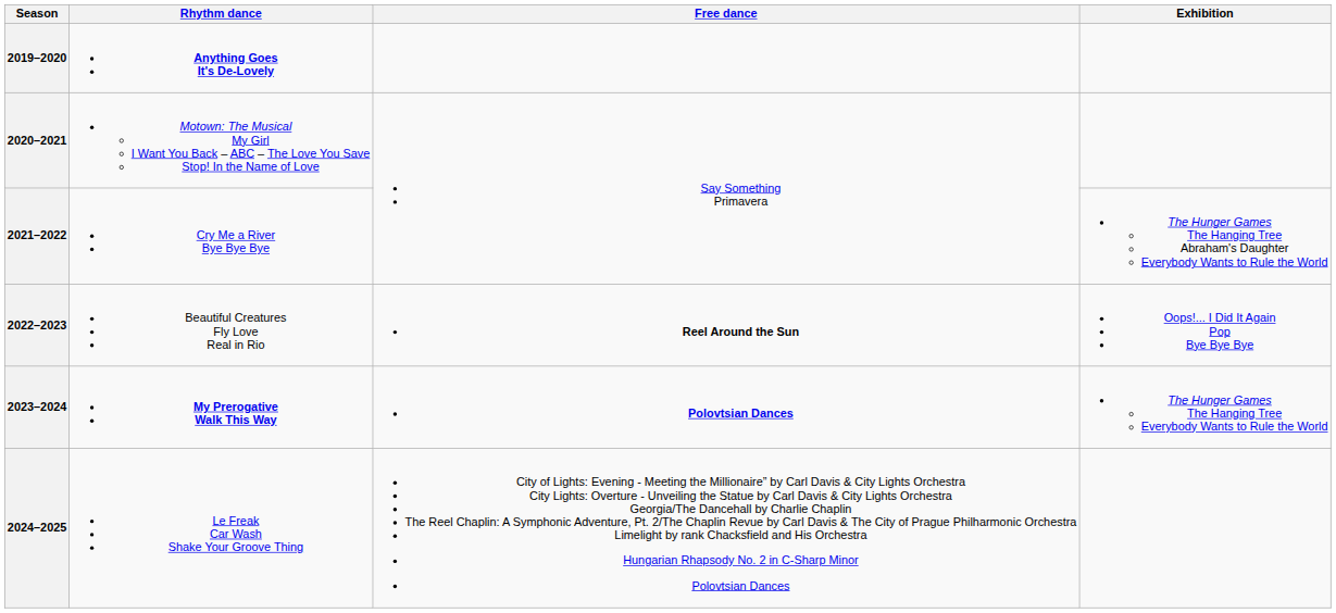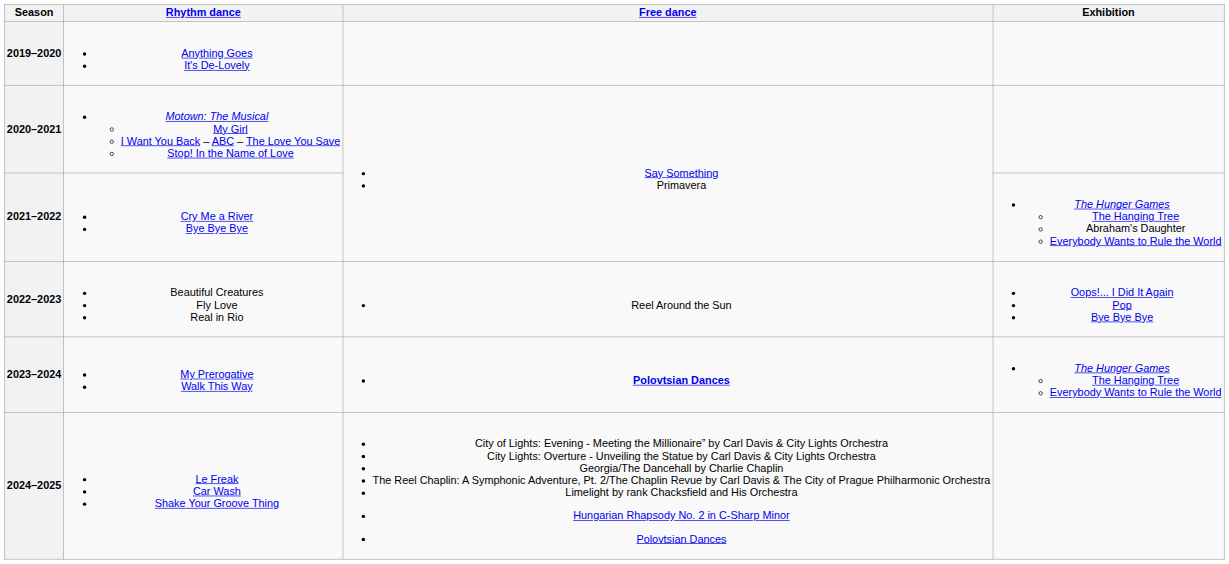 <table class=wikitable style=text-align:center>
 <tr>
 <th>Season</th>
 <th><a href='#'>Rhythm dance</a></th>
 <th><a href='#'>Free dance</a></th>
 <th>Exhibition</th>
 </tr>
 <tr>
 <th>2019–2020 <br></th>
-<td><strong><br><ul><li><a href='#'>Anything Goes</a> <br> </li><li><a href='#'>It's De-Lovely</a> <br> </li></ul></strong></td>
+<td><br><ul><li><a href='#'>Anything Goes</a> <br> </li><li><a href='#'>It's De-Lovely</a> <br> </li></ul></td>
 <td></td>
 </tr>
 <tr>
 <th>2020–2021 <br></th>
 <td><br><ul><li><em><a href='#'>Motown: The Musical</a></em><ul><li><a href='#'>My Girl</a></li><li><a href='#'>I Want You Back</a> – <a href='#'>ABC</a> – <a href='#'>The Love You Save</a></li><li><a href='#'>Stop! In the Name of Love</a> <br> </li></ul></li></ul></td>
 <td rowspan="2"><br><ul><li><a href='#'>Say Something</a> <br> </li><li>Primavera <br> </li></ul></td>
 <td></td>
 </tr>
 <tr>
 <th>2021–2022 <br></th>
 <td><br><ul><li><a href='#'>Cry Me a River</a> <br> </li><li><a href='#'>Bye Bye Bye</a> <br> </li></ul></td>
 <td><br><ul><li><em><a href='#'>The Hunger Games</a></em><ul><li><a href='#'>The Hanging Tree</a> <br> </li><li>Abraham's Daughter <br> </li><li><a href='#'>Everybody Wants to Rule the World</a> <br> </li></ul></li></ul></td>
 </tr>
 <tr>
 <th>2022–2023 <br></th>
 <td><br><ul><li> Beautiful Creatures <br> </li><li> Fly Love <br> </li><li> Real in Rio <br> </li></ul></td>
-<td><strong><br><ul><li>Reel Around the Sun <br> </li></ul></strong></td>
+<td><br><ul><li>Reel Around the Sun <br> </li></ul></td>
 <td><br><ul><li><a href='#'>Oops!... I Did It Again</a> <br> </li><li><a href='#'>Pop</a></li><li><a href='#'>Bye Bye Bye</a> <br> </li></ul></td>
 </tr>
 <tr>
 <th>2023–2024 <br> </th>
-<td><strong><br><ul><li><a href='#'>My Prerogative</a> <br> </li><li><a href='#'>Walk This Way</a> <br> </li></ul></strong></td>
+<td><br><ul><li><a href='#'>My Prerogative</a> <br> </li><li><a href='#'>Walk This Way</a> <br> </li></ul></td>
 <td><strong><br><ul><li><a href='#'>Polovtsian Dances</a> <br> </li></ul></strong></td>
 <td><br><ul><li><em><a href='#'>The Hunger Games</a></em><ul><li><a href='#'>The Hanging Tree</a> <br> </li><li><a href='#'>Everybody Wants to Rule the World</a> <br> </li></ul></li></ul></td>
 </tr>
 <tr>
 <th>2024–2025 <br> </th>
 <td><br><ul><li><a href='#'>Le Freak</a> <br> </li><li><a href='#'>Car Wash</a> <br> </li><li><a href='#'>Shake Your Groove Thing</a> <br> </li></ul></td>
 <td><br><ul><li>City of Lights: Evening - Meeting the Millionaire” by Carl Davis & City Lights Orchestra</li><li>City Lights: Overture - Unveiling the Statue by Carl Davis & City Lights Orchestra</li><li>Georgia/The Dancehall by Charlie Chaplin</li><li>The Reel Chaplin: A Symphonic Adventure, Pt. 2/The Chaplin Revue by Carl Davis & The City of Prague Philharmonic Orchestra</li><li>Limelight by rank Chacksfield and His Orchestra</li></ul><ul><li><a href='#'>Hungarian Rhapsody No. 2 in C-Sharp Minor</a> <br> </li></ul><ul><li><a href='#'>Polovtsian Dances</a> <br> </li></ul></td>
 <td></td>
 </tr>
 </table>
